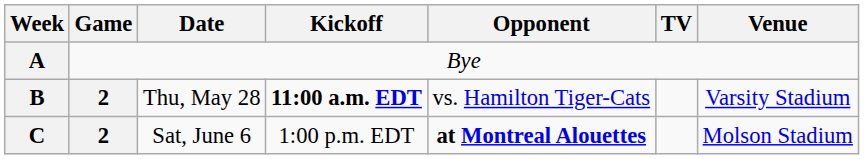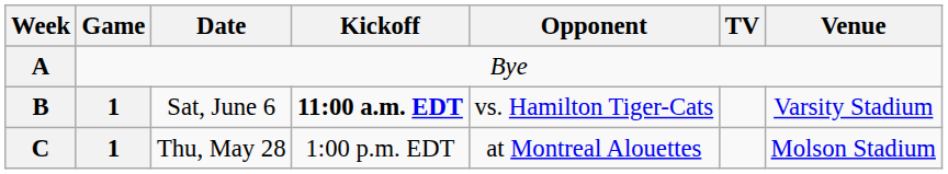 <table class="wikitable" style="font-size: 95%;">
 <tr>
 <th scope="col">Week</th>
 <th scope="col">Game</th>
 <th scope="col">Date</th>
 <th scope="col">Kickoff</th>
 <th scope="col">Opponent</th>
 <th scope="col">TV</th>
 <th scope="col">Venue</th>
 </tr>
 <tr style= bgcolor="ffffff">
 <th align="center">A</th>
 <td colspan=10 align="center" valign="middle"><em>Bye</em></td>
 </tr>
 <tr style= bgcolor="ffffff">
 <th align="center">B</th>
-<th align="center">2</th>
-<td align="center">Thu, May 28</td>
+<th align="center">1</th>
+<td align="center">Sat, June 6</td>
 <td align="center"><strong>11:00 a.m. <a href='#'>EDT</a></strong></td>
 <td align="center">vs. <a href='#'>Hamilton Tiger-Cats</a></td>
 <td align="center"></td>
 <td align="center"><a href='#'>Varsity Stadium</a></td>
 </tr>
 <tr style= bgcolor="ffffff">
 <th align="center">C</th>
-<th align="center">2</th>
-<td align="center">Sat, June 6</td>
+<th align="center">1</th>
+<td align="center">Thu, May 28</td>
 <td align="center">1:00 p.m. EDT</td>
-<td align="center"><strong>at <a href='#'>Montreal Alouettes</a></strong></td>
+<td align="center">at <a href='#'>Montreal Alouettes</a></td>
 <td align="center"></td>
 <td align="center"><a href='#'>Molson Stadium</a></td>
 </tr>
 </table>
